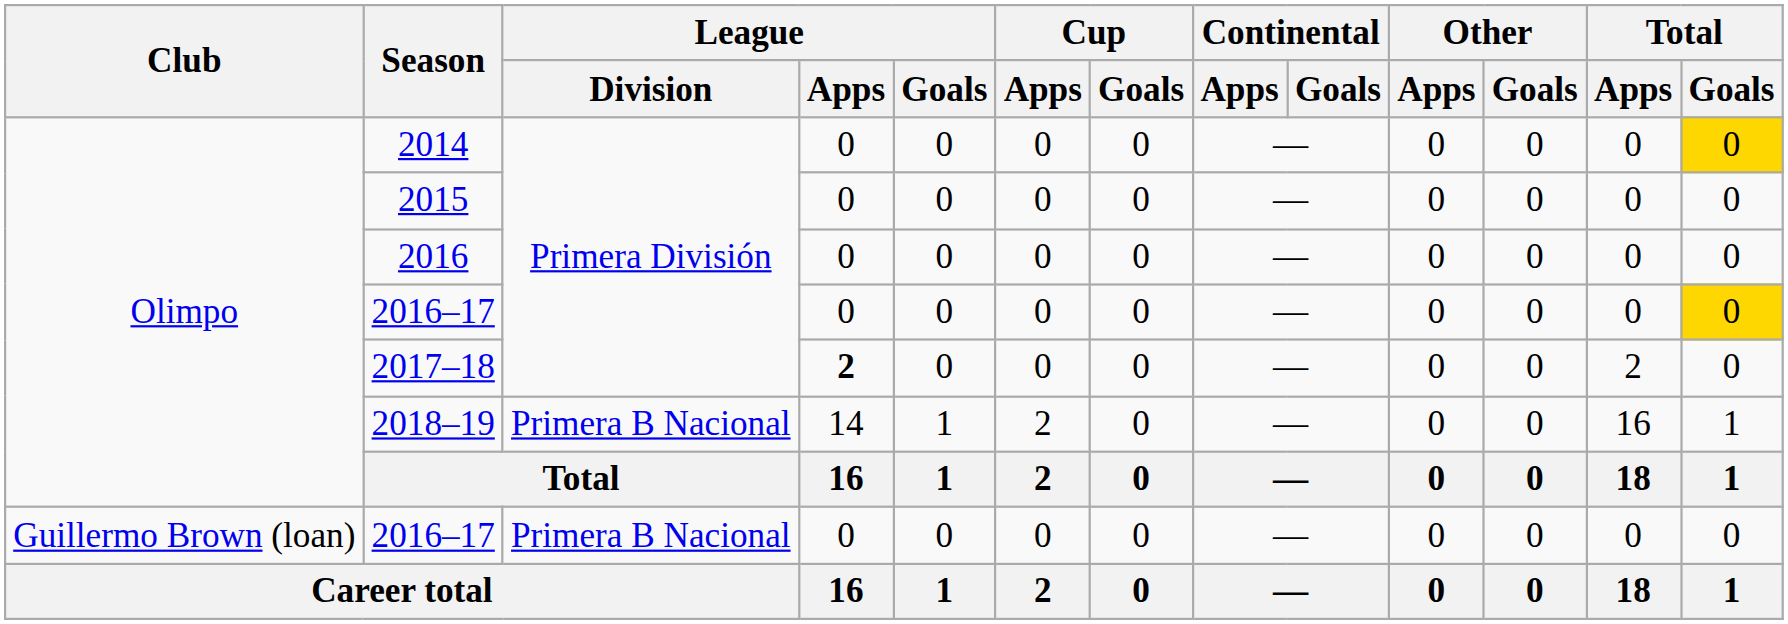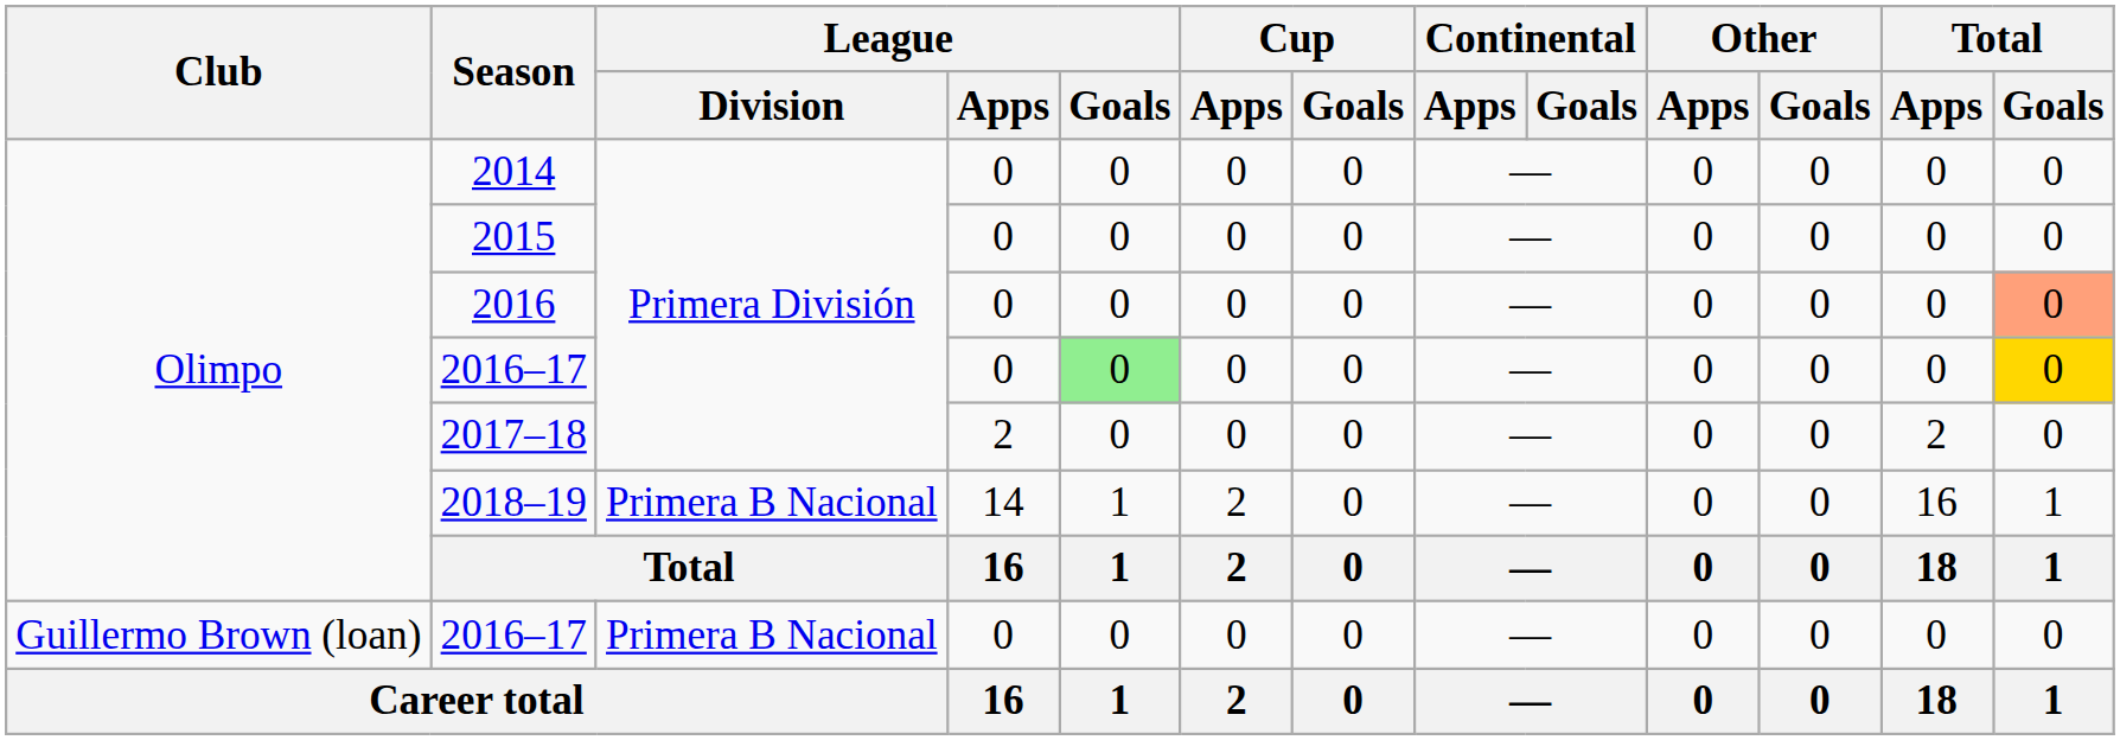 <table class="wikitable" style="text-align:center">
 <tr>
 <th rowspan="2">Club</th>
 <th rowspan="2">Season</th>
 <th colspan="3">League</th>
 <th colspan="2">Cup</th>
 <th colspan="2">Continental</th>
 <th colspan="2">Other</th>
 <th colspan="2">Total</th>
 </tr>
 <tr>
 <th>Division</th>
 <th>Apps</th>
 <th>Goals</th>
 <th>Apps</th>
 <th>Goals</th>
 <th>Apps</th>
 <th>Goals</th>
 <th>Apps</th>
 <th>Goals</th>
 <th>Apps</th>
 <th>Goals</th>
 </tr>
 <tr>
 <td rowspan="7"><a href='#'>Olimpo</a></td>
 <td><a href='#'>2014</a></td>
 <td rowspan="5"><a href='#'>Primera División</a></td>
 <td>0</td>
 <td>0</td>
 <td>0</td>
 <td>0</td>
 <td colspan="2">—</td>
 <td>0</td>
 <td>0</td>
 <td>0</td>
-<td style="background: gold;">0</td>
+<td>0</td>
 </tr>
 <tr>
 <td><a href='#'>2015</a></td>
 <td>0</td>
 <td>0</td>
 <td>0</td>
 <td>0</td>
 <td colspan="2">—</td>
 <td>0</td>
 <td>0</td>
 <td>0</td>
 <td>0</td>
 </tr>
 <tr>
 <td><a href='#'>2016</a></td>
 <td>0</td>
 <td>0</td>
 <td>0</td>
 <td>0</td>
 <td colspan="2">—</td>
 <td>0</td>
 <td>0</td>
 <td>0</td>
-<td>0</td>
+<td style="background: lightsalmon;">0</td>
 </tr>
 <tr>
 <td><a href='#'>2016–17</a></td>
 <td>0</td>
-<td>0</td>
+<td style="background: lightgreen;">0</td>
 <td>0</td>
 <td>0</td>
 <td colspan="2">—</td>
 <td>0</td>
 <td>0</td>
 <td>0</td>
 <td style="background: gold;">0</td>
 </tr>
 <tr>
 <td><a href='#'>2017–18</a></td>
-<td><strong>2</strong></td>
+<td>2</td>
 <td>0</td>
 <td>0</td>
 <td>0</td>
 <td colspan="2">—</td>
 <td>0</td>
 <td>0</td>
 <td>2</td>
 <td>0</td>
 </tr>
 <tr>
 <td><a href='#'>2018–19</a></td>
 <td rowspan="1"><a href='#'>Primera B Nacional</a></td>
 <td>14</td>
 <td>1</td>
 <td>2</td>
 <td>0</td>
 <td colspan="2">—</td>
 <td>0</td>
 <td>0</td>
 <td>16</td>
 <td>1</td>
 </tr>
 <tr>
 <th colspan="2">Total</th>
 <th>16</th>
 <th>1</th>
 <th>2</th>
 <th>0</th>
 <th colspan="2">—</th>
 <th>0</th>
 <th>0</th>
 <th>18</th>
 <th>1</th>
 </tr>
 <tr>
 <td rowspan="1"><a href='#'>Guillermo Brown</a> (loan)</td>
 <td><a href='#'>2016–17</a></td>
 <td rowspan="1"><a href='#'>Primera B Nacional</a></td>
 <td>0</td>
 <td>0</td>
 <td>0</td>
 <td>0</td>
 <td colspan="2">—</td>
 <td>0</td>
 <td>0</td>
 <td>0</td>
 <td>0</td>
 </tr>
 <tr>
 <th colspan="3">Career total</th>
 <th>16</th>
 <th>1</th>
 <th>2</th>
 <th>0</th>
 <th colspan="2">—</th>
 <th>0</th>
 <th>0</th>
 <th>18</th>
 <th>1</th>
 </tr>
 </table>
